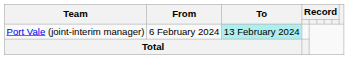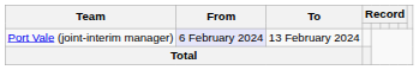 <table class=wikitable style="text-align: center">
 <tr>
 <th rowspan=2>Team</th>
 <th rowspan=2>From</th>
 <th rowspan=2>To</th>
 <th colspan=5>Record</th>
 <th rowspan=2></th>
 </tr>
 <tr>
 <th></th>
 <th></th>
 <th></th>
 <th></th>
 <th></th>
 </tr>
 <tr>
 <td align=left><a href='#'>Port Vale</a> (joint-interim manager)</td>
-<td align=left>6 February 2024</td>
-<td align=left style="background: paleturquoise;">13 February 2024<br></td>
+<td align=left style="background: lavender;">6 February 2024</td>
+<td align=left>13 February 2024<br></td>
 <td></td>
 </tr>
 <tr>
 <th colspan=3>Total<br></th>
 <th></th>
 </tr>
 </table>
